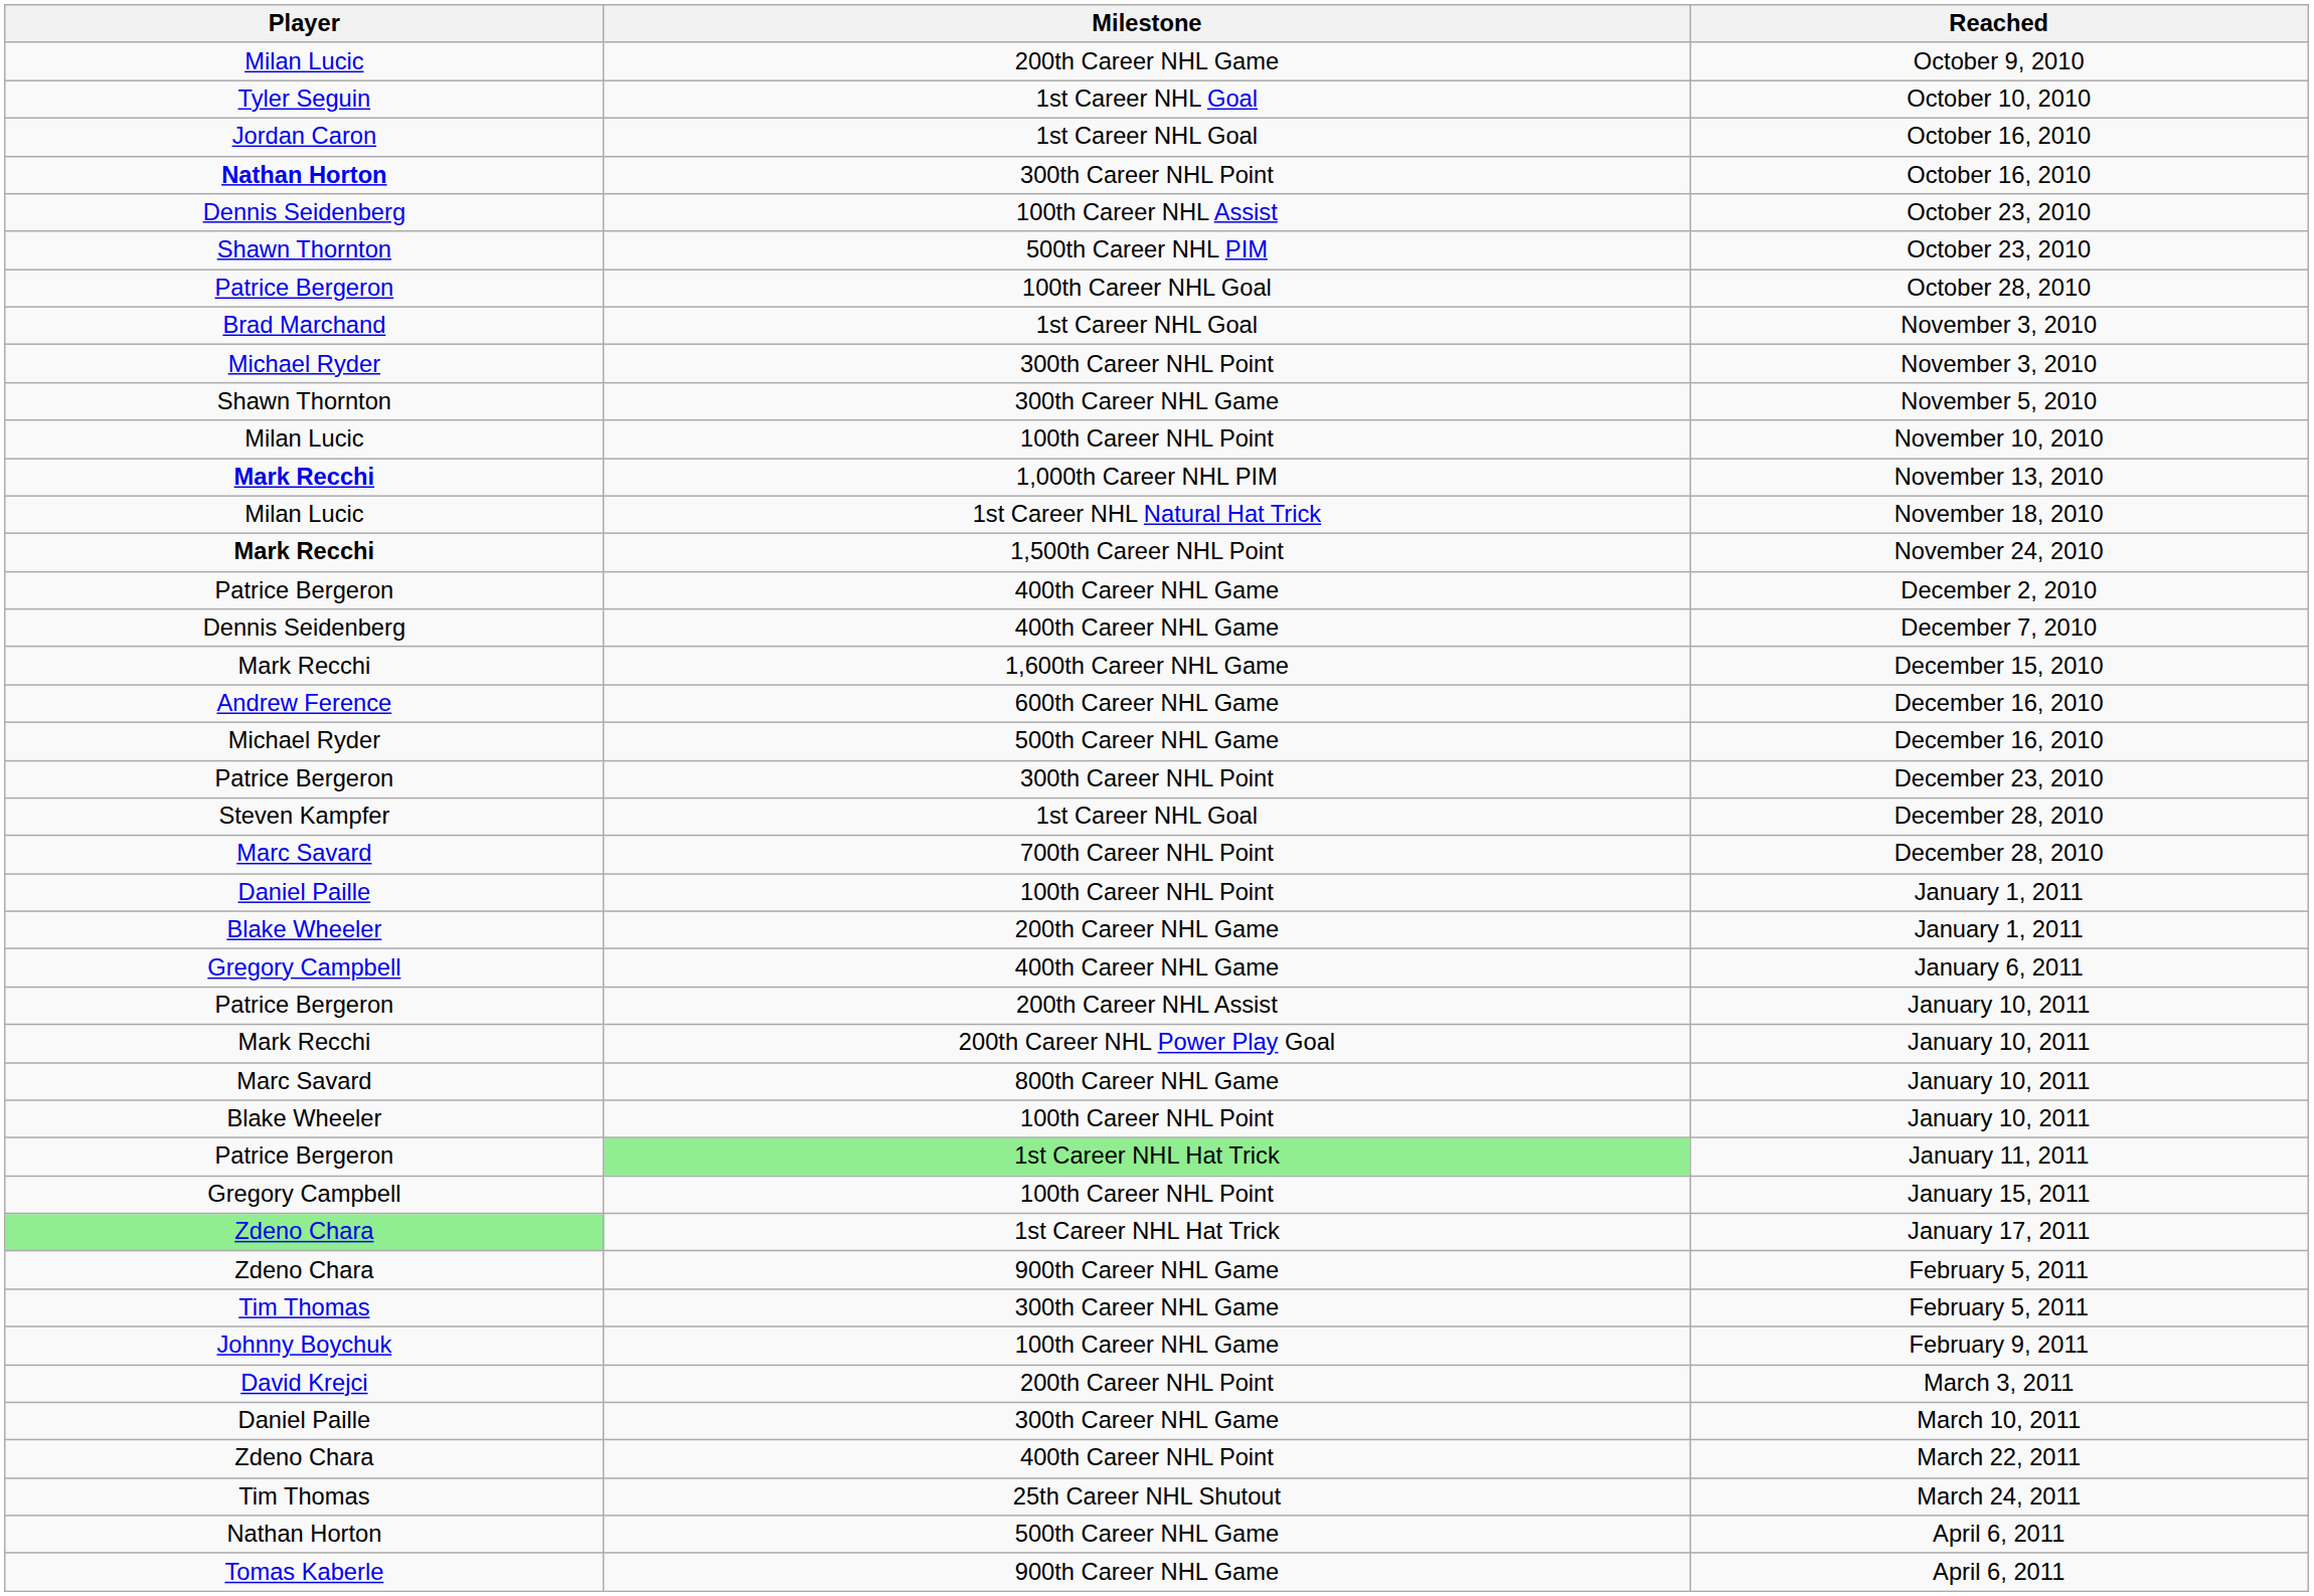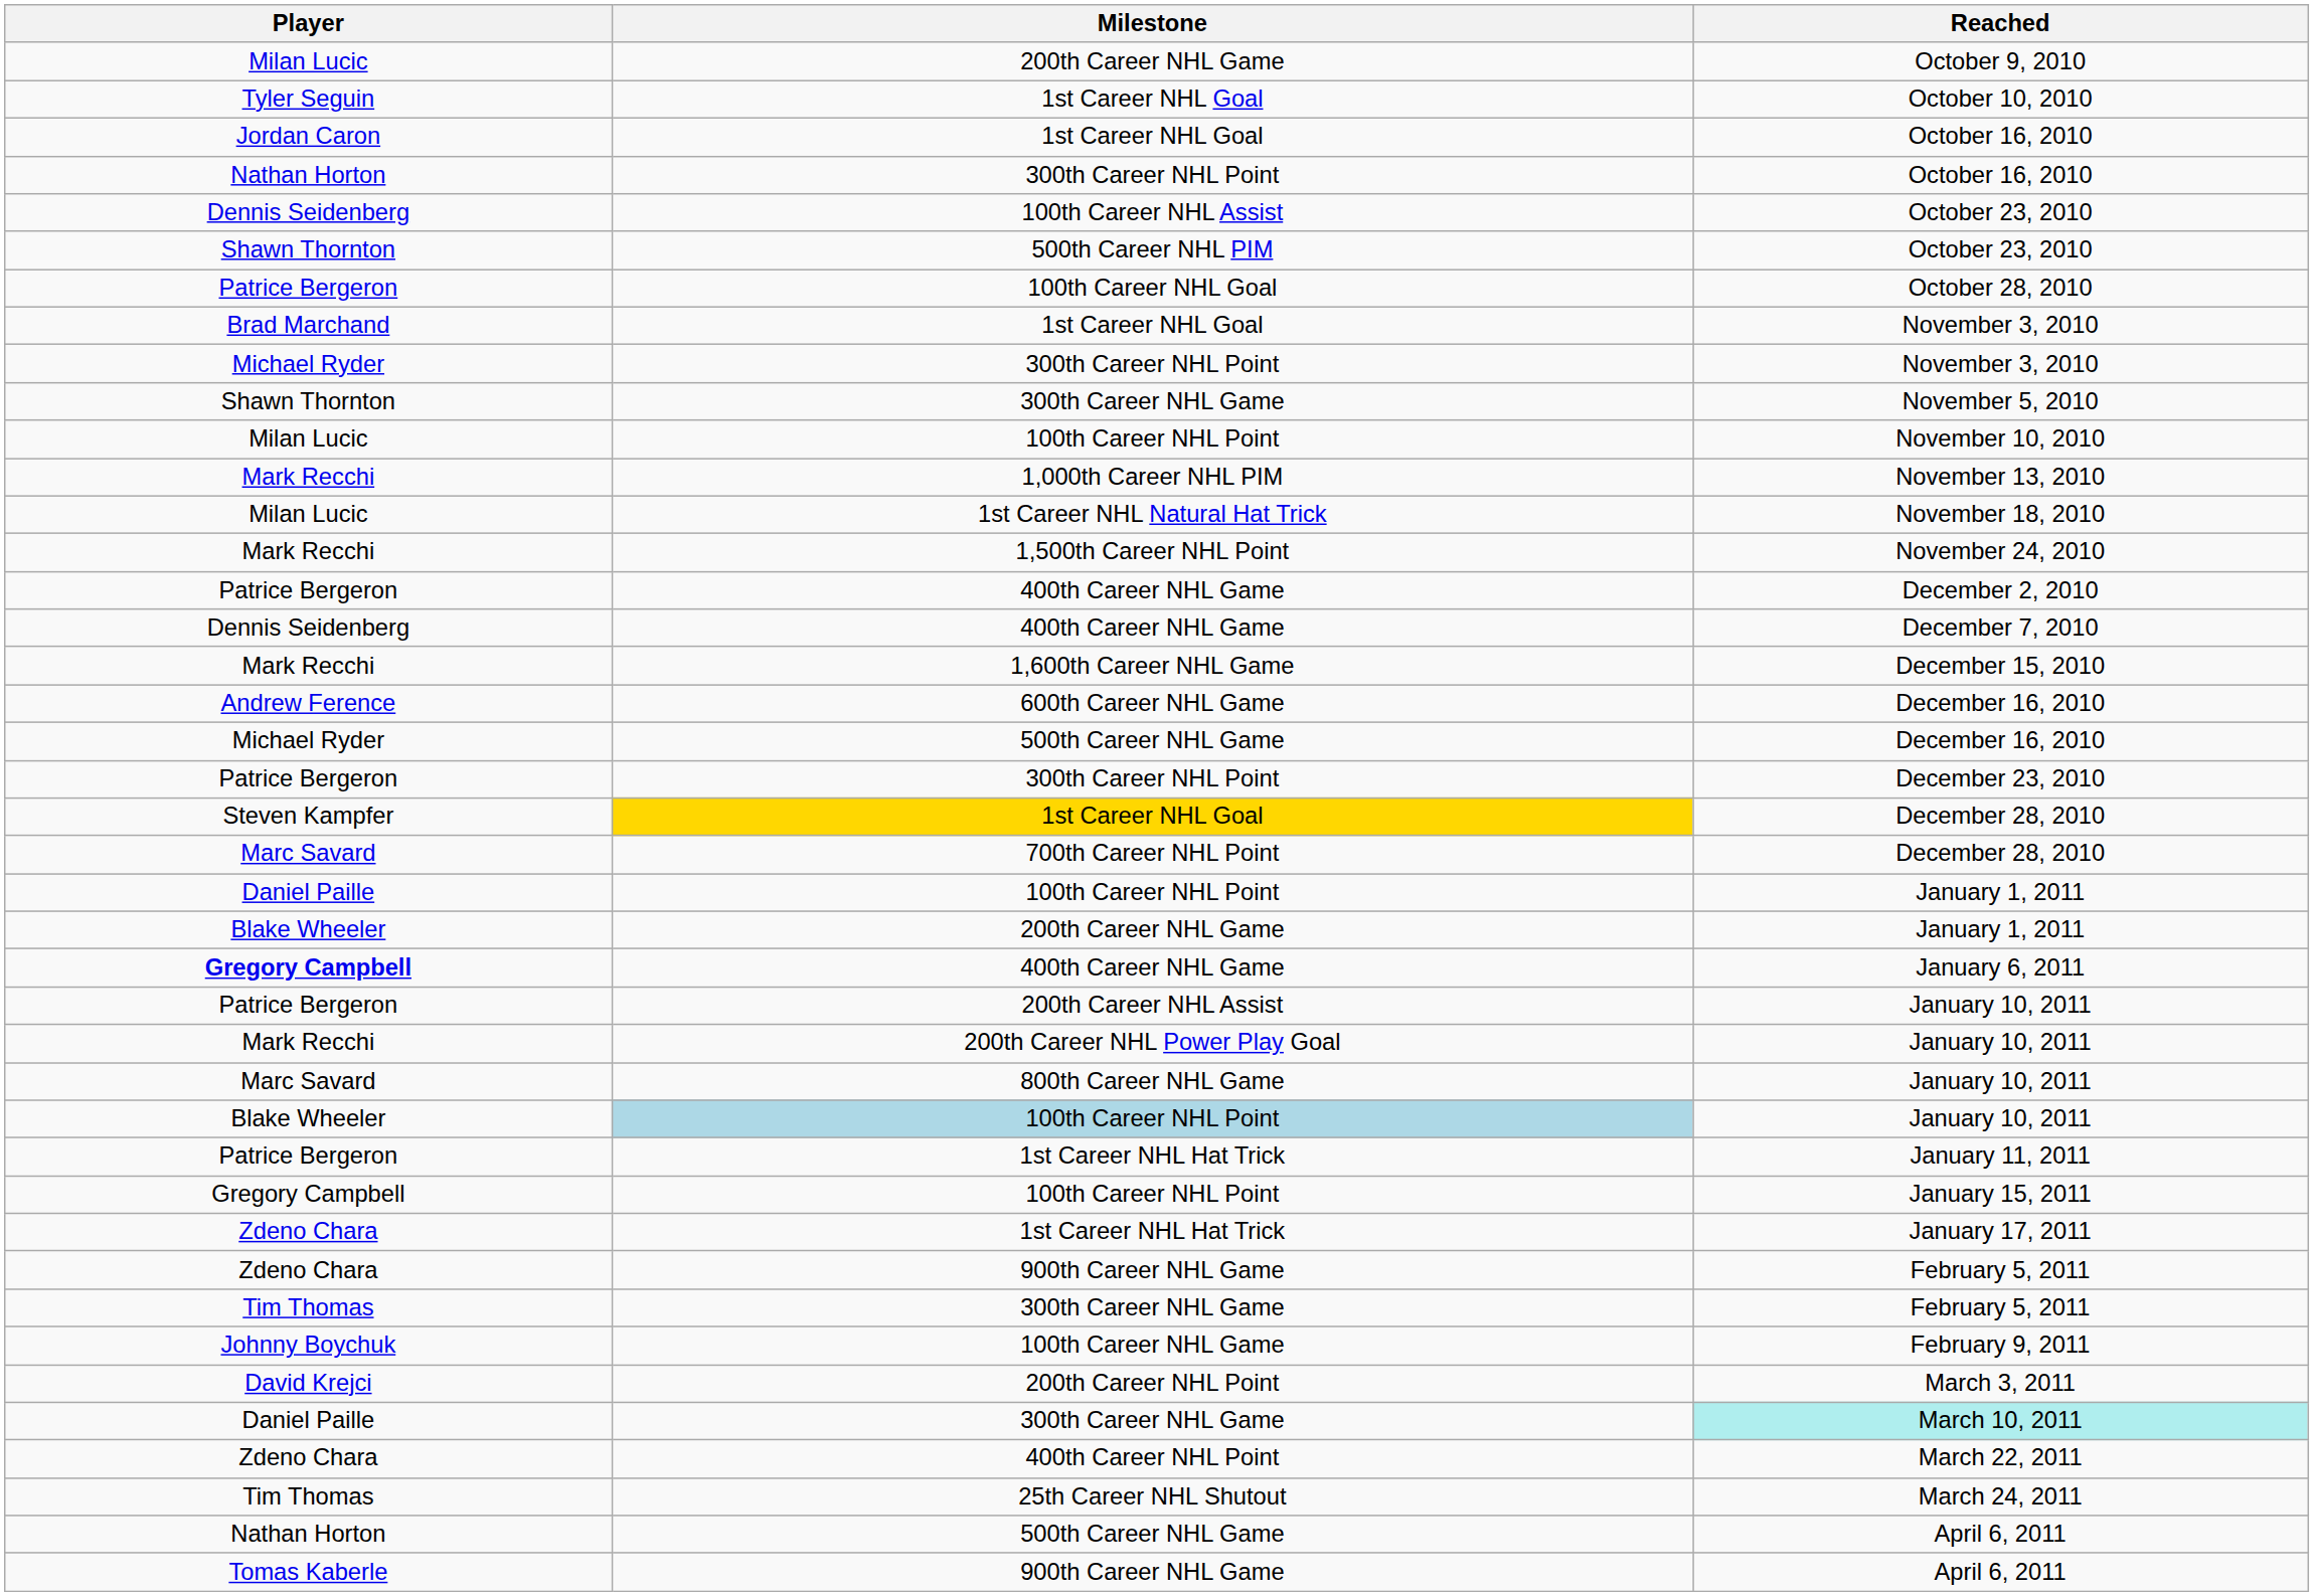 <table class="wikitable" width="78%" style="text-align:center">
 <tr>
 <th>Player</th>
 <th>Milestone</th>
 <th>Reached</th>
 </tr>
 <tr>
 <td><a href='#'>Milan Lucic</a></td>
 <td>200th Career NHL Game</td>
 <td>October 9, 2010</td>
 </tr>
 <tr>
 <td><a href='#'>Tyler Seguin</a></td>
 <td>1st Career NHL <a href='#'>Goal</a></td>
 <td>October 10, 2010</td>
 </tr>
 <tr>
 <td><a href='#'>Jordan Caron</a></td>
 <td>1st Career NHL Goal</td>
 <td>October 16, 2010</td>
 </tr>
 <tr>
-<td><strong><a href='#'>Nathan Horton</a></strong></td>
+<td><a href='#'>Nathan Horton</a></td>
 <td>300th Career NHL Point</td>
 <td>October 16, 2010</td>
 </tr>
 <tr>
 <td><a href='#'>Dennis Seidenberg</a></td>
 <td>100th Career NHL <a href='#'>Assist</a></td>
 <td>October 23, 2010</td>
 </tr>
 <tr>
 <td><a href='#'>Shawn Thornton</a></td>
 <td>500th Career NHL <a href='#'>PIM</a></td>
 <td>October 23, 2010</td>
 </tr>
 <tr>
 <td><a href='#'>Patrice Bergeron</a></td>
 <td>100th Career NHL Goal</td>
 <td>October 28, 2010</td>
 </tr>
 <tr>
 <td><a href='#'>Brad Marchand</a></td>
 <td>1st Career NHL Goal</td>
 <td>November 3, 2010</td>
 </tr>
 <tr>
 <td><a href='#'>Michael Ryder</a></td>
 <td>300th Career NHL Point</td>
 <td>November 3, 2010</td>
 </tr>
 <tr>
 <td>Shawn Thornton</td>
 <td>300th Career NHL Game</td>
 <td>November 5, 2010</td>
 </tr>
 <tr>
 <td>Milan Lucic</td>
 <td>100th Career NHL Point</td>
 <td>November 10, 2010</td>
 </tr>
 <tr>
-<td><strong><a href='#'>Mark Recchi</a></strong></td>
+<td><a href='#'>Mark Recchi</a></td>
 <td>1,000th Career NHL PIM</td>
 <td>November 13, 2010</td>
 </tr>
 <tr>
 <td>Milan Lucic</td>
 <td>1st Career NHL <a href='#'>Natural Hat Trick</a></td>
 <td>November 18, 2010</td>
 </tr>
 <tr>
-<td><strong>Mark Recchi</strong></td>
+<td>Mark Recchi</td>
 <td>1,500th Career NHL Point</td>
 <td>November 24, 2010</td>
 </tr>
 <tr>
 <td>Patrice Bergeron</td>
 <td>400th Career NHL Game</td>
 <td>December 2, 2010</td>
 </tr>
 <tr>
 <td>Dennis Seidenberg</td>
 <td>400th Career NHL Game</td>
 <td>December 7, 2010</td>
 </tr>
 <tr>
 <td>Mark Recchi</td>
 <td>1,600th Career NHL Game</td>
 <td>December 15, 2010</td>
 </tr>
 <tr>
 <td><a href='#'>Andrew Ference</a></td>
 <td>600th Career NHL Game</td>
 <td>December 16, 2010</td>
 </tr>
 <tr>
 <td>Michael Ryder</td>
 <td>500th Career NHL Game</td>
 <td>December 16, 2010</td>
 </tr>
 <tr>
 <td>Patrice Bergeron</td>
 <td>300th Career NHL Point</td>
 <td>December 23, 2010</td>
 </tr>
 <tr>
 <td>Steven Kampfer</td>
-<td>1st Career NHL Goal</td>
+<td style="background: gold;">1st Career NHL Goal</td>
 <td>December 28, 2010</td>
 </tr>
 <tr>
 <td><a href='#'>Marc Savard</a></td>
 <td>700th Career NHL Point</td>
 <td>December 28, 2010</td>
 </tr>
 <tr>
 <td><a href='#'>Daniel Paille</a></td>
 <td>100th Career NHL Point</td>
 <td>January 1, 2011</td>
 </tr>
 <tr>
 <td><a href='#'>Blake Wheeler</a></td>
 <td>200th Career NHL Game</td>
 <td>January 1, 2011</td>
 </tr>
 <tr>
-<td><a href='#'>Gregory Campbell</a></td>
+<td><strong><a href='#'>Gregory Campbell</a></strong></td>
 <td>400th Career NHL Game</td>
 <td>January 6, 2011</td>
 </tr>
 <tr>
 <td>Patrice Bergeron</td>
 <td>200th Career NHL Assist</td>
 <td>January 10, 2011</td>
 </tr>
 <tr>
 <td>Mark Recchi</td>
 <td>200th Career NHL <a href='#'>Power Play</a> Goal</td>
 <td>January 10, 2011</td>
 </tr>
 <tr>
 <td>Marc Savard</td>
 <td>800th Career NHL Game</td>
 <td>January 10, 2011</td>
 </tr>
 <tr>
 <td>Blake Wheeler</td>
-<td>100th Career NHL Point</td>
+<td style="background: lightblue;">100th Career NHL Point</td>
 <td>January 10, 2011</td>
 </tr>
 <tr>
 <td>Patrice Bergeron</td>
-<td style="background: lightgreen;">1st Career NHL Hat Trick</td>
+<td>1st Career NHL Hat Trick</td>
 <td>January 11, 2011</td>
 </tr>
 <tr>
 <td>Gregory Campbell</td>
 <td>100th Career NHL Point</td>
 <td>January 15, 2011</td>
 </tr>
 <tr>
-<td style="background: lightgreen;"><a href='#'>Zdeno Chara</a></td>
+<td><a href='#'>Zdeno Chara</a></td>
 <td>1st Career NHL Hat Trick</td>
 <td>January 17, 2011</td>
 </tr>
 <tr>
 <td>Zdeno Chara</td>
 <td>900th Career NHL Game</td>
 <td>February 5, 2011</td>
 </tr>
 <tr>
 <td><a href='#'>Tim Thomas</a></td>
 <td>300th Career NHL Game</td>
 <td>February 5, 2011</td>
 </tr>
 <tr>
 <td><a href='#'>Johnny Boychuk</a></td>
 <td>100th Career NHL Game</td>
 <td>February 9, 2011</td>
 </tr>
 <tr>
 <td><a href='#'>David Krejci</a></td>
 <td>200th Career NHL Point</td>
 <td>March 3, 2011</td>
 </tr>
 <tr>
 <td>Daniel Paille</td>
 <td>300th Career NHL Game</td>
-<td>March 10, 2011</td>
+<td style="background: paleturquoise;">March 10, 2011</td>
 </tr>
 <tr>
 <td>Zdeno Chara</td>
 <td>400th Career NHL Point</td>
 <td>March 22, 2011</td>
 </tr>
 <tr>
 <td>Tim Thomas</td>
 <td>25th Career NHL Shutout</td>
 <td>March 24, 2011</td>
 </tr>
 <tr>
 <td>Nathan Horton</td>
 <td>500th Career NHL Game</td>
 <td>April 6, 2011</td>
 </tr>
 <tr>
 <td><a href='#'>Tomas Kaberle</a></td>
 <td>900th Career NHL Game</td>
 <td>April 6, 2011</td>
 </tr>
 </table>
